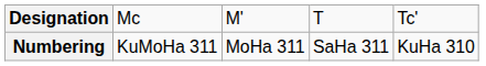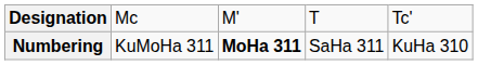 <table class="wikitable">
 <tr>
 <th>Designation</th>
 <td>Mc</td>
 <td>M'</td>
 <td>T</td>
 <td>Tc'</td>
 </tr>
 <tr>
 <th>Numbering</th>
 <td>KuMoHa 311</td>
-<td>MoHa 311</td>
+<td><strong>MoHa 311</strong></td>
 <td>SaHa 311</td>
 <td>KuHa 310</td>
 </tr>
 </table>
